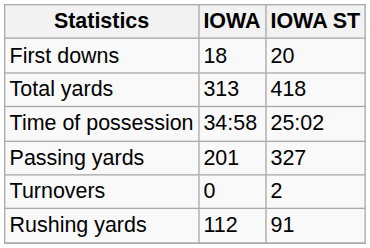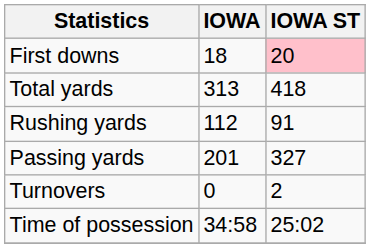 <table class="wikitable">
 <tr>
 <th>Statistics</th>
 <th>IOWA</th>
 <th>IOWA ST</th>
 </tr>
 <tr>
 <td>First downs</td>
 <td>18</td>
-<td>20</td>
+<td style="background: pink;">20</td>
 </tr>
 <tr>
 <td>Total yards</td>
 <td>313</td>
 <td>418</td>
 </tr>
 <tr>
-<td>Time of possession</td>
-<td>34:58</td>
-<td>25:02</td>
+<td>Rushing yards</td>
+<td>112</td>
+<td>91</td>
 </tr>
 <tr>
 <td>Passing yards</td>
 <td>201</td>
 <td>327</td>
 </tr>
 <tr>
 <td>Turnovers</td>
 <td>0</td>
 <td>2</td>
 </tr>
 <tr>
-<td>Rushing yards</td>
-<td>112</td>
-<td>91</td>
+<td>Time of possession</td>
+<td>34:58</td>
+<td>25:02</td>
 </tr>
 <tr>
 </tr>
 </table>
